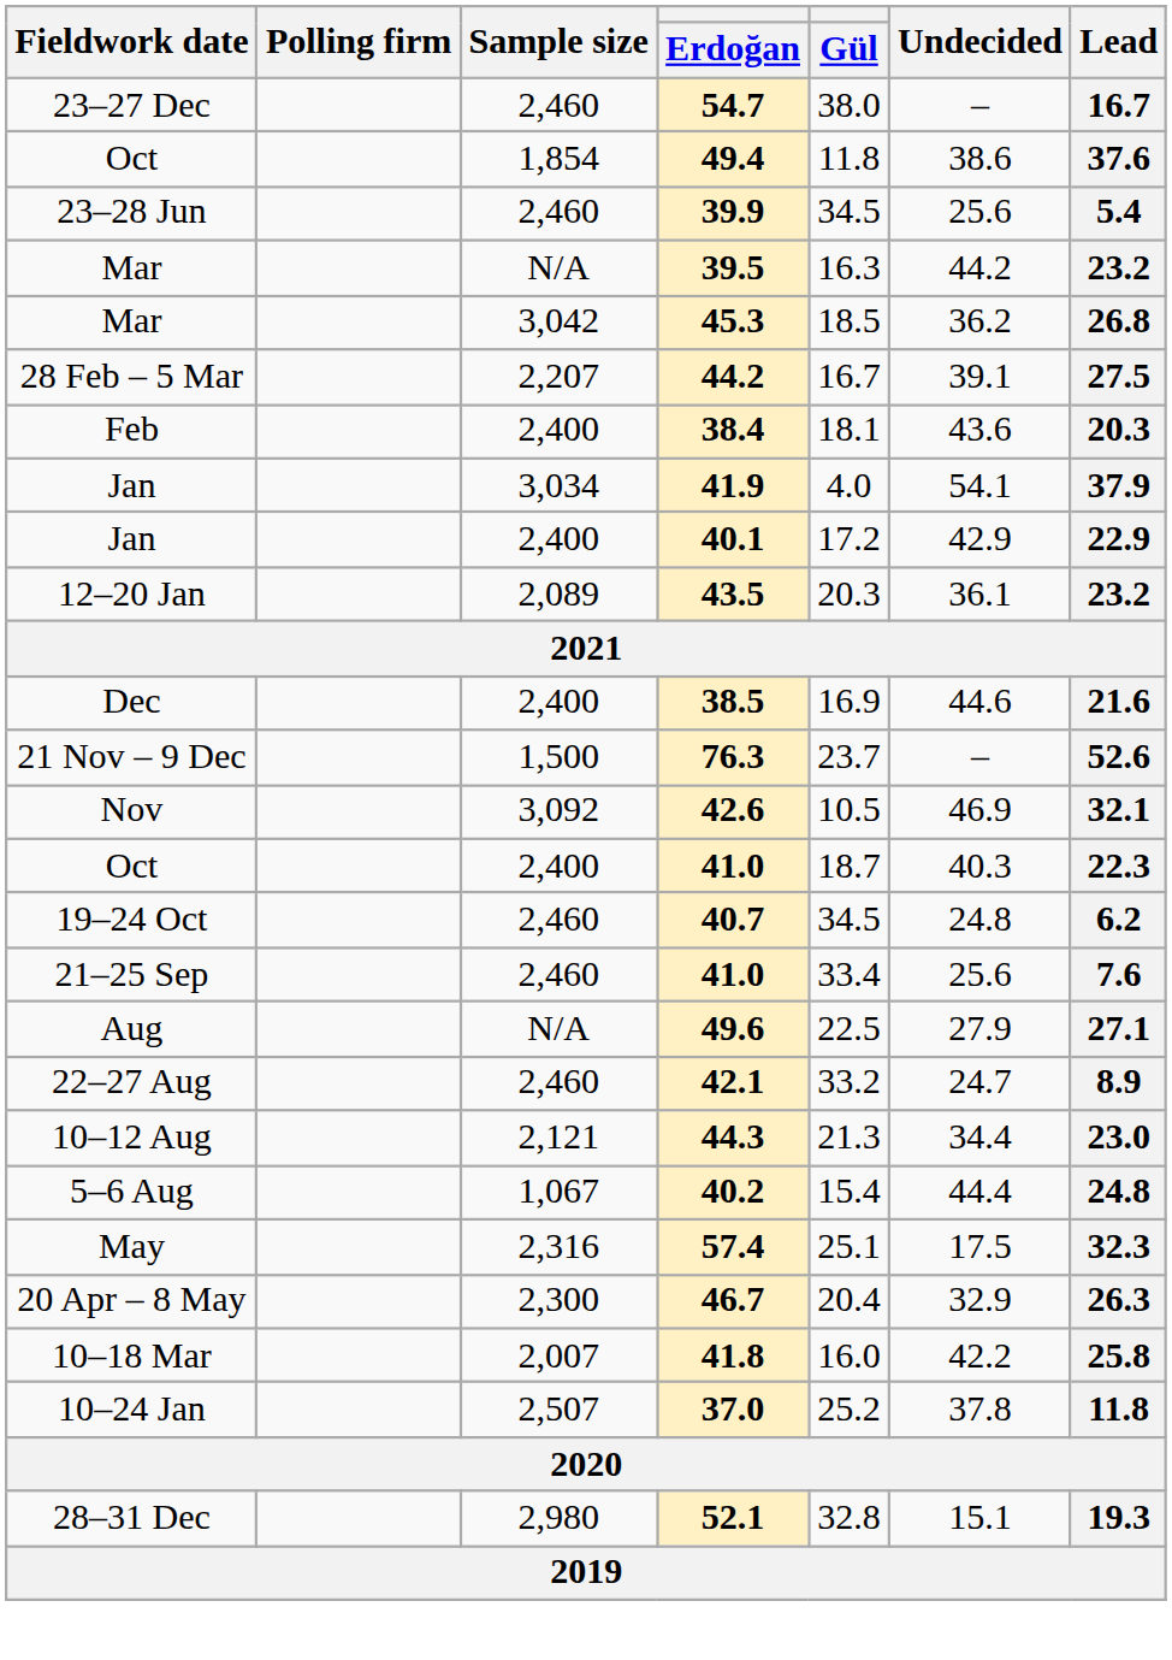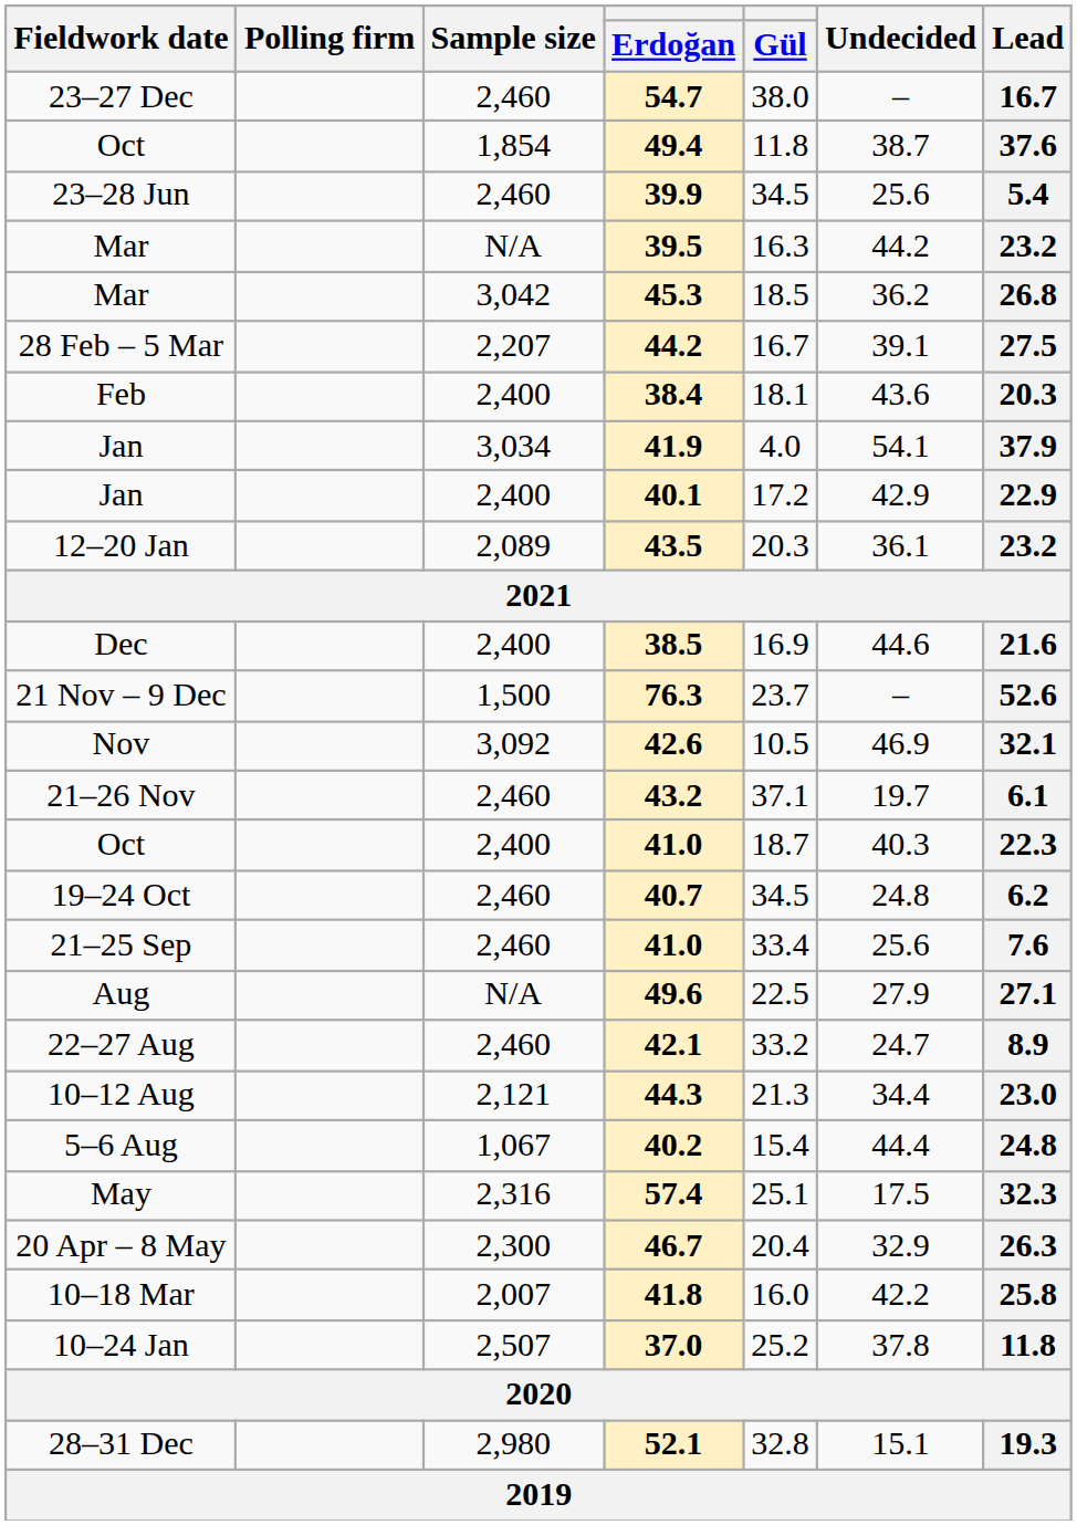 <table class="wikitable mw-datatable mw-collapsible mw-collapsed" style="text-align:center; font-size:85%; line-height:14px;">
 <tr>
 <th rowspan="2">Fieldwork date</th>
 <th rowspan="2">Polling firm</th>
 <th rowspan="2">Sample size</th>
 <th style="background:"></th>
 <th style="background:"></th>
 <th rowspan="2">Undecided</th>
 <th rowspan="2">Lead</th>
 </tr>
 <tr>
 <th><a href='#'>Erdoğan</a><br></th>
 <th><a href='#'>Gül</a><br></th>
 </tr>
 <tr>
 <td>23–27 Dec</td>
 <td></td>
 <td>2,460</td>
 <td style="background:#FFF1C4"><strong>54.7</strong></td>
 <td>38.0</td>
 <td>–</td>
 <th style="background:">16.7</th>
 </tr>
 <tr>
 <td>Oct</td>
 <td></td>
 <td>1,854</td>
 <td style="background:#FFF1C4"><strong>49.4</strong></td>
 <td>11.8</td>
-<td>38.6</td>
+<td>38.7</td>
 <th style="background:">37.6</th>
 </tr>
 <tr>
 <td>23–28 Jun</td>
 <td></td>
 <td>2,460</td>
 <td style="background:#FFF1C4"><strong>39.9</strong></td>
 <td>34.5</td>
 <td>25.6</td>
 <th style="background:">5.4</th>
 </tr>
 <tr>
 <td>Mar</td>
 <td></td>
 <td>N/A</td>
 <td style="background:#FFF1C4"><strong>39.5</strong></td>
 <td>16.3</td>
 <td>44.2</td>
 <th style="background:">23.2</th>
 </tr>
 <tr>
 <td>Mar</td>
 <td></td>
 <td>3,042</td>
 <td style="background:#FFF1C4"><strong>45.3</strong></td>
 <td>18.5</td>
 <td>36.2</td>
 <th style="background:">26.8</th>
 </tr>
 <tr>
 <td>28 Feb – 5 Mar</td>
 <td></td>
 <td>2,207</td>
 <td style="background:#FFF1C4"><strong>44.2</strong></td>
 <td>16.7</td>
 <td>39.1</td>
 <th style="background:">27.5</th>
 </tr>
 <tr>
 <td>Feb</td>
 <td></td>
 <td>2,400</td>
 <td style="background:#FFF1C4"><strong>38.4</strong></td>
 <td>18.1</td>
 <td>43.6</td>
 <th style="background:">20.3</th>
 </tr>
 <tr>
 <td>Jan</td>
 <td></td>
 <td>3,034</td>
 <td style="background:#FFF1C4"><strong>41.9</strong></td>
 <td>4.0</td>
 <td>54.1</td>
 <th style="background:">37.9</th>
 </tr>
 <tr>
 <td>Jan</td>
 <td></td>
 <td>2,400</td>
 <td style="background:#FFF1C4"><strong>40.1</strong></td>
 <td>17.2</td>
 <td>42.9</td>
 <th style="background:">22.9</th>
 </tr>
 <tr>
 <td>12–20 Jan</td>
 <td></td>
 <td>2,089</td>
 <td style="background:#FFF1C4"><strong>43.5</strong></td>
 <td>20.3</td>
 <td>36.1</td>
 <th style="background:">23.2</th>
 </tr>
 <tr>
 <th colspan=7>2021</th>
 </tr>
 <tr>
 <td>Dec</td>
 <td></td>
 <td>2,400</td>
 <td style="background:#FFF1C4"><strong>38.5</strong></td>
 <td>16.9</td>
 <td>44.6</td>
 <th style="background:">21.6</th>
 </tr>
 <tr>
 <td>21 Nov – 9 Dec</td>
 <td></td>
 <td>1,500</td>
 <td style="background:#FFF1C4"><strong>76.3</strong></td>
 <td>23.7</td>
 <td>–</td>
 <th style="background:">52.6</th>
 </tr>
 <tr>
 <td>Nov</td>
 <td></td>
 <td>3,092</td>
 <td style="background:#FFF1C4"><strong>42.6</strong></td>
 <td>10.5</td>
 <td>46.9</td>
 <th style="background:">32.1</th>
+</tr>
+<tr>
+<td>21–26 Nov</td>
+<td></td>
+<td>2,460</td>
+<td style="background:#FFF1C4"><strong>43.2</strong></td>
+<td>37.1</td>
+<td>19.7</td>
+<th style="background:">6.1</th>
 </tr>
 <tr>
 <td>Oct</td>
 <td></td>
 <td>2,400</td>
 <td style="background:#FFF1C4"><strong>41.0</strong></td>
 <td>18.7</td>
 <td>40.3</td>
 <th style="background:">22.3</th>
 </tr>
 <tr>
 <td>19–24 Oct</td>
 <td></td>
 <td>2,460</td>
 <td style="background:#FFF1C4"><strong>40.7</strong></td>
 <td>34.5</td>
 <td>24.8</td>
 <th style="background:">6.2</th>
 </tr>
 <tr>
 <td>21–25 Sep</td>
 <td></td>
 <td>2,460</td>
 <td style="background:#FFF1C4"><strong>41.0</strong></td>
 <td>33.4</td>
 <td>25.6</td>
 <th style="background:">7.6</th>
 </tr>
 <tr>
 <td>Aug</td>
 <td></td>
 <td>N/A</td>
 <td style="background:#FFF1C4"><strong>49.6</strong></td>
 <td>22.5</td>
 <td>27.9</td>
 <th style="background:">27.1</th>
 </tr>
 <tr>
 <td>22–27 Aug</td>
 <td></td>
 <td>2,460</td>
 <td style="background:#FFF1C4"><strong>42.1</strong></td>
 <td>33.2</td>
 <td>24.7</td>
 <th style="background:">8.9</th>
 </tr>
 <tr>
 <td>10–12 Aug</td>
 <td></td>
 <td>2,121</td>
 <td style="background:#FFF1C4"><strong>44.3</strong></td>
 <td>21.3</td>
 <td>34.4</td>
 <th style="background:">23.0</th>
 </tr>
 <tr>
 <td>5–6 Aug</td>
 <td></td>
 <td>1,067</td>
 <td style="background:#FFF1C4"><strong>40.2</strong></td>
 <td>15.4</td>
 <td>44.4</td>
 <th style="background:">24.8</th>
 </tr>
 <tr>
 <td>May</td>
 <td></td>
 <td>2,316</td>
 <td style="background:#FFF1C4"><strong>57.4</strong></td>
 <td>25.1</td>
 <td>17.5</td>
 <th style="background:">32.3</th>
 </tr>
 <tr>
 <td>20 Apr – 8 May</td>
 <td></td>
 <td>2,300</td>
 <td style="background:#FFF1C4"><strong>46.7</strong></td>
 <td>20.4</td>
 <td>32.9</td>
 <th style="background:">26.3</th>
 </tr>
 <tr>
 <td>10–18 Mar</td>
 <td></td>
 <td>2,007</td>
 <td style="background:#FFF1C4"><strong>41.8</strong></td>
 <td>16.0</td>
 <td>42.2</td>
 <th style="background:">25.8</th>
 </tr>
 <tr>
 <td>10–24 Jan</td>
 <td></td>
 <td>2,507</td>
 <td style="background:#FFF1C4"><strong>37.0</strong></td>
 <td>25.2</td>
 <td>37.8</td>
 <th style="background:">11.8</th>
 </tr>
 <tr>
 <th colspan=7>2020</th>
 </tr>
 <tr>
 <td>28–31 Dec</td>
 <td></td>
 <td>2,980</td>
 <td style="background:#FFF1C4"><strong>52.1</strong></td>
 <td>32.8</td>
 <td>15.1</td>
 <th style="background:">19.3</th>
 </tr>
 <tr>
 <th colspan=7>2019</th>
 </tr>
 </table>
